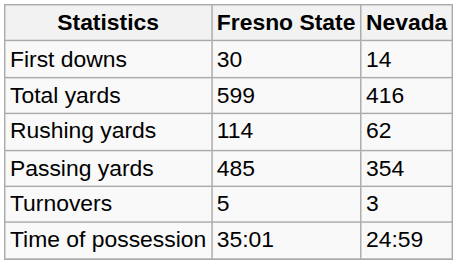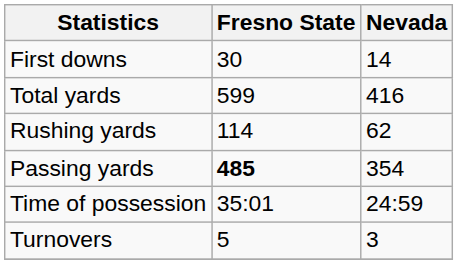 <table class="wikitable">
 <tr>
 <th>Statistics</th>
 <th>Fresno State</th>
 <th>Nevada</th>
 </tr>
 <tr>
 <td>First downs</td>
 <td>30</td>
 <td>14</td>
 </tr>
 <tr>
 <td>Total yards</td>
 <td>599</td>
 <td>416</td>
 </tr>
 <tr>
 <td>Rushing yards</td>
 <td>114</td>
 <td>62</td>
 </tr>
 <tr>
 <td>Passing yards</td>
-<td>485</td>
+<td><strong>485</strong></td>
 <td>354</td>
+</tr>
+<tr>
+<td>Time of possession</td>
+<td>35:01</td>
+<td>24:59</td>
 </tr>
 <tr>
 <td>Turnovers</td>
 <td>5</td>
 <td>3</td>
 </tr>
 <tr>
-<td>Time of possession</td>
-<td>35:01</td>
-<td>24:59</td>
-</tr>
-<tr>
 </tr>
 </table>
